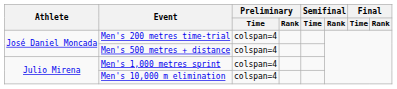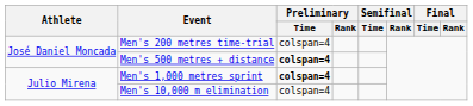 <table class=wikitable style=font-size:90%;text-align:center>
 <tr>
 <th rowspan=2>Athlete</th>
 <th rowspan=2>Event</th>
 <th colspan=2>Preliminary</th>
 <th colspan=2>Semifinal</th>
 <th colspan=2>Final</th>
 </tr>
 <tr style=font-size:95%>
 <th>Time</th>
 <th>Rank</th>
 <th>Time</th>
 <th>Rank</th>
 <th>Time</th>
 <th>Rank</th>
 </tr>
 <tr>
 <td rowspan=2><a href='#'>José Daniel Moncada</a></td>
 <td align=left><a href='#'>Men's 200 metres time-trial</a></td>
 <td>colspan=4 </td>
 <td></td>
 <td></td>
 </tr>
 <tr>
 <td align=left><a href='#'>Men's 500 metres + distance</a></td>
-<td>colspan=4 </td>
+<td><strong>colspan=4 </strong></td>
 <td></td>
 <td></td>
 </tr>
 <tr>
 <td rowspan=2><a href='#'>Julio Mirena</a></td>
 <td align=left><a href='#'>Men's 1,000 metres sprint</a></td>
-<td>colspan=4 </td>
+<td><strong>colspan=4 </strong></td>
 <td></td>
 <td></td>
 </tr>
 <tr>
 <td align=left><a href='#'>Men's 10,000 m elimination</a></td>
 <td>colspan=4 </td>
 <td></td>
 <td></td>
 </tr>
 </table>
